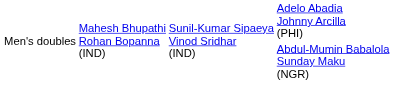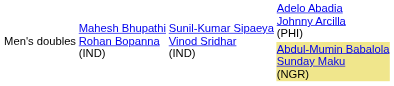 <table>
 <tr>
 <td rowspan=2>Men's doubles</td>
 <td rowspan=2> <a href='#'>Mahesh Bhupathi</a><br> <a href='#'>Rohan Bopanna</a><br>(IND)</td>
 <td rowspan=2> <a href='#'>Sunil-Kumar Sipaeya</a><br> <a href='#'>Vinod Sridhar</a><br>(IND)</td>
 <td> <a href='#'>Adelo Abadia</a><br> <a href='#'>Johnny Arcilla</a><br>(PHI)</td>
 </tr>
 <tr>
-<td> <a href='#'>Abdul-Mumin Babalola</a><br> <a href='#'>Sunday Maku</a><br>(NGR)</td>
+<td style="background: khaki;"> <a href='#'>Abdul-Mumin Babalola</a><br> <a href='#'>Sunday Maku</a><br>(NGR)</td>
 </tr>
 </table>
